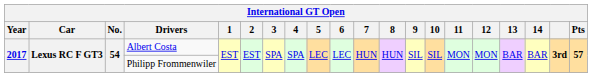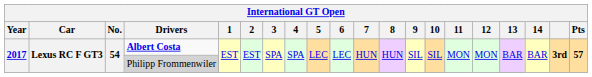 <table class="wikitable" style="text-align:center; font-size:75%">
 <tr>
 <th colspan=20><a href='#'>International GT Open</a></th>
 </tr>
 <tr>
 <th>Year</th>
 <th>Car</th>
 <th>No.</th>
 <th>Drivers</th>
 <th>1</th>
 <th>2</th>
 <th>3</th>
 <th>4</th>
 <th>5</th>
 <th>6</th>
 <th>7</th>
 <th>8</th>
 <th>9</th>
 <th>10</th>
 <th>11</th>
 <th>12</th>
 <th>13</th>
 <th>14</th>
 <th></th>
 <th>Pts</th>
 </tr>
 <tr>
 <th rowspan=2><a href='#'>2017</a></th>
 <th rowspan=2>Lexus RC F GT3</th>
 <th rowspan=2>54</th>
-<td align=left> <a href='#'>Albert Costa</a></td>
+<td align=left><strong> <a href='#'>Albert Costa</a></strong></td>
 <td rowspan=2 style="background-color:#ffffbf"><a href='#'>EST</a><br></td>
 <td rowspan=2 style="background-color:#dfffdf"><a href='#'>EST</a><br></td>
 <td rowspan=2 style="background-color:#ffffbf"><a href='#'>SPA</a><br></td>
 <td rowspan=2 style="background-color:#dfffdf"><a href='#'>SPA</a><br></td>
 <td rowspan=2 style="background-color:#ffdf9f"><a href='#'>LEC</a><br></td>
 <td rowspan=2 style="background-color:#dfffdf"><a href='#'>LEC</a><br></td>
 <td rowspan=2 style="background-color:#ffdf9f"><a href='#'>HUN</a><br></td>
 <td rowspan=2 style="background-color:#efcfff"><a href='#'>HUN</a><br></td>
 <td rowspan=2 style="background-color:#ffffbf"><a href='#'>SIL</a><br></td>
 <td rowspan=2 style="background-color:#ffdf9f"><a href='#'>SIL</a><br></td>
 <td rowspan=2 style="background-color:#dfffdf"><a href='#'>MON</a><br></td>
 <td rowspan=2 style="background-color:#dfffdf"><a href='#'>MON</a><br></td>
 <td rowspan=2 style="background-color:#efcfff"><a href='#'>BAR</a><br></td>
 <td rowspan=2 style="background-color:#ffffbf"><a href='#'>BAR</a><br></td>
 <th rowspan=2 style="background-color:#ffdf9f">3rd</th>
 <th rowspan=2 style="background-color:#ffdf9f">57</th>
 </tr>
 <tr>
-<td align=left> Philipp Frommenwiler</td>
+<td align=left style="background: lightgrey;"> Philipp Frommenwiler</td>
 </tr>
 </table>
